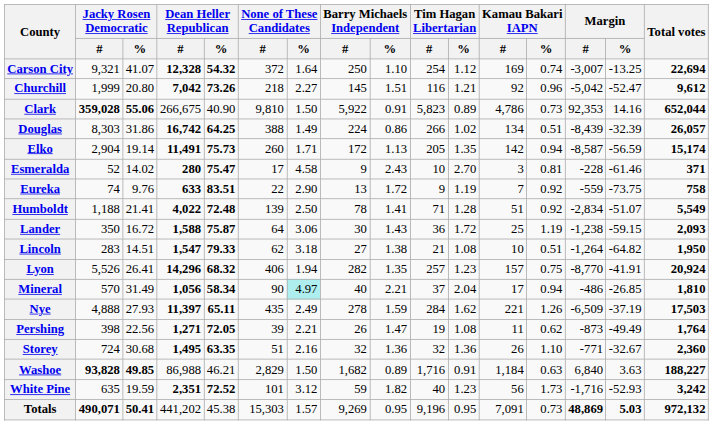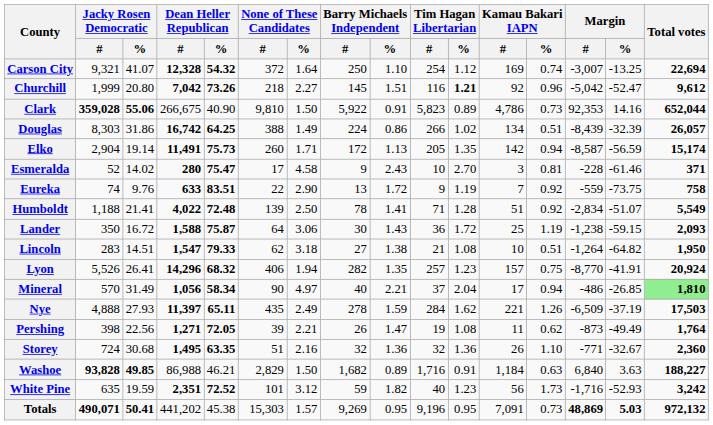 <table class="wikitable sortable" style="text-align:right">
 <tr>
 <th rowspan="2">County</th>
 <th colspan="2"><a href='#'>Jacky Rosen</a><br><a href='#'>Democratic</a></th>
 <th colspan="2"><a href='#'>Dean Heller</a><br><a href='#'>Republican</a></th>
 <th colspan="2"><a href='#'>None of These<br>Candidates</a></th>
 <th colspan="2">Barry Michaels<br><a href='#'>Independent</a></th>
 <th colspan="2">Tim Hagan<br><a href='#'>Libertarian</a></th>
 <th colspan="2">Kamau Bakari<br><a href='#'>IAPN</a></th>
 <th colspan="2">Margin</th>
 <th rowspan="2">Total votes</th>
 </tr>
 <tr>
 <th data-sort-type="number">#</th>
 <th data-sort-type="number">%</th>
 <th data-sort-type="number">#</th>
 <th data-sort-type="number">%</th>
 <th data-sort-type="number">#</th>
 <th data-sort-type="number">%</th>
 <th data-sort-type="number">#</th>
 <th data-sort-type="number">%</th>
 <th data-sort-type="number">#</th>
 <th data-sort-type="number">%</th>
 <th data-sort-type="number">#</th>
 <th data-sort-type="number">%</th>
 <th data-sort-type="number">#</th>
 <th data-sort-type="number">%</th>
 </tr>
 <tr>
 <th><a href='#'>Carson City</a></th>
 <td>9,321</td>
 <td>41.07</td>
 <td><strong>12,328</strong></td>
 <td><strong>54.32</strong></td>
 <td>372</td>
 <td>1.64</td>
 <td>250</td>
 <td>1.10</td>
 <td>254</td>
 <td>1.12</td>
 <td>169</td>
 <td>0.74</td>
 <td>-3,007</td>
 <td>-13.25</td>
 <td><strong>22,694</strong></td>
 </tr>
 <tr>
 <th><a href='#'>Churchill</a></th>
 <td>1,999</td>
 <td>20.80</td>
 <td><strong>7,042</strong></td>
 <td><strong>73.26</strong></td>
 <td>218</td>
 <td>2.27</td>
 <td>145</td>
 <td>1.51</td>
 <td>116</td>
-<td>1.21</td>
+<td><strong>1.21</strong></td>
 <td>92</td>
 <td>0.96</td>
 <td>-5,042</td>
 <td>-52.47</td>
 <td><strong>9,612</strong></td>
 </tr>
 <tr>
 <th><a href='#'>Clark</a></th>
 <td><strong>359,028</strong></td>
 <td><strong>55.06</strong></td>
 <td>266,675</td>
 <td>40.90</td>
 <td>9,810</td>
 <td>1.50</td>
 <td>5,922</td>
 <td>0.91</td>
 <td>5,823</td>
 <td>0.89</td>
 <td>4,786</td>
 <td>0.73</td>
 <td>92,353</td>
 <td>14.16</td>
 <td><strong>652,044</strong></td>
 </tr>
 <tr>
 <th><a href='#'>Douglas</a></th>
 <td>8,303</td>
 <td>31.86</td>
 <td><strong>16,742</strong></td>
 <td><strong>64.25</strong></td>
 <td>388</td>
 <td>1.49</td>
 <td>224</td>
 <td>0.86</td>
 <td>266</td>
 <td>1.02</td>
 <td>134</td>
 <td>0.51</td>
 <td>-8,439</td>
 <td>-32.39</td>
 <td><strong>26,057</strong></td>
 </tr>
 <tr>
 <th><a href='#'>Elko</a></th>
 <td>2,904</td>
 <td>19.14</td>
 <td><strong>11,491</strong></td>
 <td><strong>75.73</strong></td>
 <td>260</td>
 <td>1.71</td>
 <td>172</td>
 <td>1.13</td>
 <td>205</td>
 <td>1.35</td>
 <td>142</td>
 <td>0.94</td>
 <td>-8,587</td>
 <td>-56.59</td>
 <td><strong>15,174</strong></td>
 </tr>
 <tr>
 <th><a href='#'>Esmeralda</a></th>
 <td>52</td>
 <td>14.02</td>
 <td><strong>280</strong></td>
 <td><strong>75.47</strong></td>
 <td>17</td>
 <td>4.58</td>
 <td>9</td>
 <td>2.43</td>
 <td>10</td>
 <td>2.70</td>
 <td>3</td>
 <td>0.81</td>
 <td>-228</td>
 <td>-61.46</td>
 <td><strong>371</strong></td>
 </tr>
 <tr>
 <th><a href='#'>Eureka</a></th>
 <td>74</td>
 <td>9.76</td>
 <td><strong>633</strong></td>
 <td><strong>83.51</strong></td>
 <td>22</td>
 <td>2.90</td>
 <td>13</td>
 <td>1.72</td>
 <td>9</td>
 <td>1.19</td>
 <td>7</td>
 <td>0.92</td>
 <td>-559</td>
 <td>-73.75</td>
 <td><strong>758</strong></td>
 </tr>
 <tr>
 <th><a href='#'>Humboldt</a></th>
 <td>1,188</td>
 <td>21.41</td>
 <td><strong>4,022</strong></td>
 <td><strong>72.48</strong></td>
 <td>139</td>
 <td>2.50</td>
 <td>78</td>
 <td>1.41</td>
 <td>71</td>
 <td>1.28</td>
 <td>51</td>
 <td>0.92</td>
 <td>-2,834</td>
 <td>-51.07</td>
 <td><strong>5,549</strong></td>
 </tr>
 <tr>
 <th><a href='#'>Lander</a></th>
 <td>350</td>
 <td>16.72</td>
 <td><strong>1,588</strong></td>
 <td><strong>75.87</strong></td>
 <td>64</td>
 <td>3.06</td>
 <td>30</td>
 <td>1.43</td>
 <td>36</td>
 <td>1.72</td>
 <td>25</td>
 <td>1.19</td>
 <td>-1,238</td>
 <td>-59.15</td>
 <td><strong>2,093</strong></td>
 </tr>
 <tr>
 <th><a href='#'>Lincoln</a></th>
 <td>283</td>
 <td>14.51</td>
 <td><strong>1,547</strong></td>
 <td><strong>79.33</strong></td>
 <td>62</td>
 <td>3.18</td>
 <td>27</td>
 <td>1.38</td>
 <td>21</td>
 <td>1.08</td>
 <td>10</td>
 <td>0.51</td>
 <td>-1,264</td>
 <td>-64.82</td>
 <td><strong>1,950</strong></td>
 </tr>
 <tr>
 <th><a href='#'>Lyon</a></th>
 <td>5,526</td>
 <td>26.41</td>
 <td><strong>14,296</strong></td>
 <td><strong>68.32</strong></td>
 <td>406</td>
 <td>1.94</td>
 <td>282</td>
 <td>1.35</td>
 <td>257</td>
 <td>1.23</td>
 <td>157</td>
 <td>0.75</td>
 <td>-8,770</td>
 <td>-41.91</td>
 <td><strong>20,924</strong></td>
 </tr>
 <tr>
 <th><a href='#'>Mineral</a></th>
 <td>570</td>
 <td>31.49</td>
 <td><strong>1,056</strong></td>
 <td><strong>58.34</strong></td>
 <td>90</td>
-<td style="background: paleturquoise;">4.97</td>
+<td>4.97</td>
 <td>40</td>
 <td>2.21</td>
 <td>37</td>
 <td>2.04</td>
 <td>17</td>
 <td>0.94</td>
 <td>-486</td>
 <td>-26.85</td>
-<td><strong>1,810</strong></td>
+<td style="background: lightgreen;"><strong>1,810</strong></td>
 </tr>
 <tr>
 <th><a href='#'>Nye</a></th>
 <td>4,888</td>
 <td>27.93</td>
 <td><strong>11,397</strong></td>
 <td><strong>65.11</strong></td>
 <td>435</td>
 <td>2.49</td>
 <td>278</td>
 <td>1.59</td>
 <td>284</td>
 <td>1.62</td>
 <td>221</td>
 <td>1.26</td>
 <td>-6,509</td>
 <td>-37.19</td>
 <td><strong>17,503</strong></td>
 </tr>
 <tr>
 <th><a href='#'>Pershing</a></th>
 <td>398</td>
 <td>22.56</td>
 <td><strong>1,271</strong></td>
 <td><strong>72.05</strong></td>
 <td>39</td>
 <td>2.21</td>
 <td>26</td>
 <td>1.47</td>
 <td>19</td>
 <td>1.08</td>
 <td>11</td>
 <td>0.62</td>
 <td>-873</td>
 <td>-49.49</td>
 <td><strong>1,764</strong></td>
 </tr>
 <tr>
 <th><a href='#'>Storey</a></th>
 <td>724</td>
 <td>30.68</td>
 <td><strong>1,495</strong></td>
 <td><strong>63.35</strong></td>
 <td>51</td>
 <td>2.16</td>
 <td>32</td>
 <td>1.36</td>
 <td>32</td>
 <td>1.36</td>
 <td>26</td>
 <td>1.10</td>
 <td>-771</td>
 <td>-32.67</td>
 <td><strong>2,360</strong></td>
 </tr>
 <tr>
 <th><a href='#'>Washoe</a></th>
 <td><strong>93,828</strong></td>
 <td><strong>49.85</strong></td>
 <td>86,988</td>
 <td>46.21</td>
 <td>2,829</td>
 <td>1.50</td>
 <td>1,682</td>
 <td>0.89</td>
 <td>1,716</td>
 <td>0.91</td>
 <td>1,184</td>
 <td>0.63</td>
 <td>6,840</td>
 <td>3.63</td>
 <td><strong>188,227</strong></td>
 </tr>
 <tr>
 <th><a href='#'>White Pine</a></th>
 <td>635</td>
 <td>19.59</td>
 <td><strong>2,351</strong></td>
 <td><strong>72.52</strong></td>
 <td>101</td>
 <td>3.12</td>
 <td>59</td>
 <td>1.82</td>
 <td>40</td>
 <td>1.23</td>
 <td>56</td>
 <td>1.73</td>
 <td>-1,716</td>
 <td>-52.93</td>
 <td><strong>3,242</strong></td>
 </tr>
 <tr class="sortbottom">
 <th>Totals</th>
 <td><strong>490,071</strong></td>
 <td><strong>50.41</strong></td>
 <td>441,202</td>
 <td>45.38</td>
 <td>15,303</td>
 <td>1.57</td>
 <td>9,269</td>
 <td>0.95</td>
 <td>9,196</td>
 <td>0.95</td>
 <td>7,091</td>
 <td>0.73</td>
 <td><strong>48,869</strong></td>
 <td><strong>5.03</strong></td>
 <td><strong>972,132</strong></td>
 </tr>
 </table>
